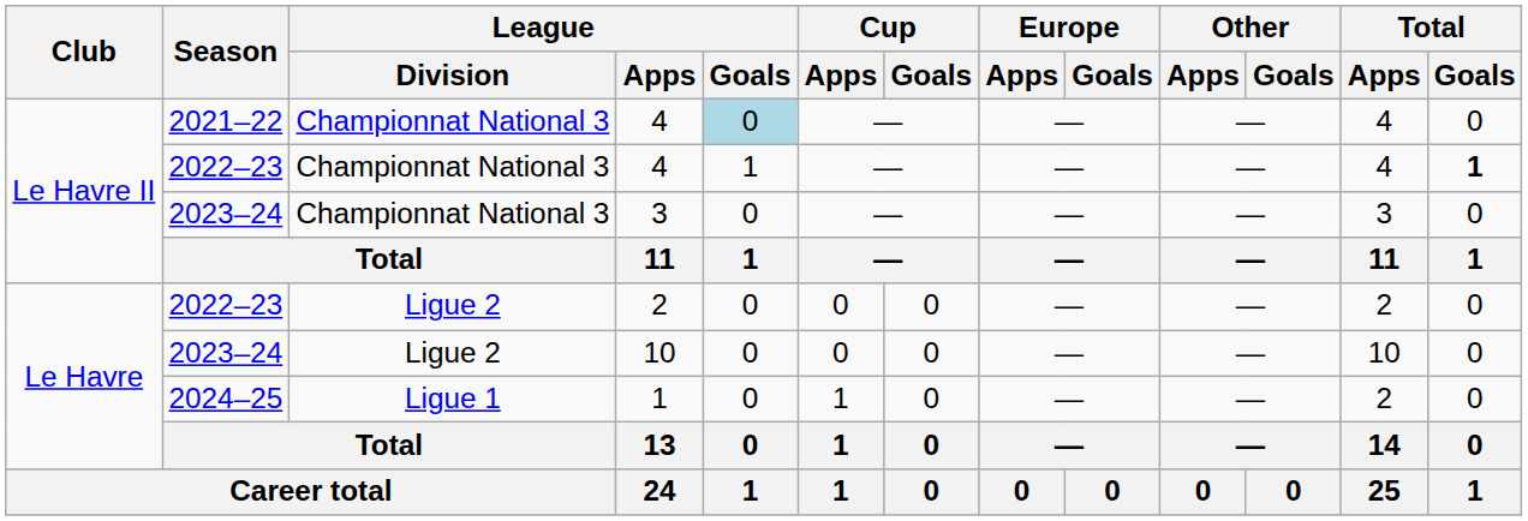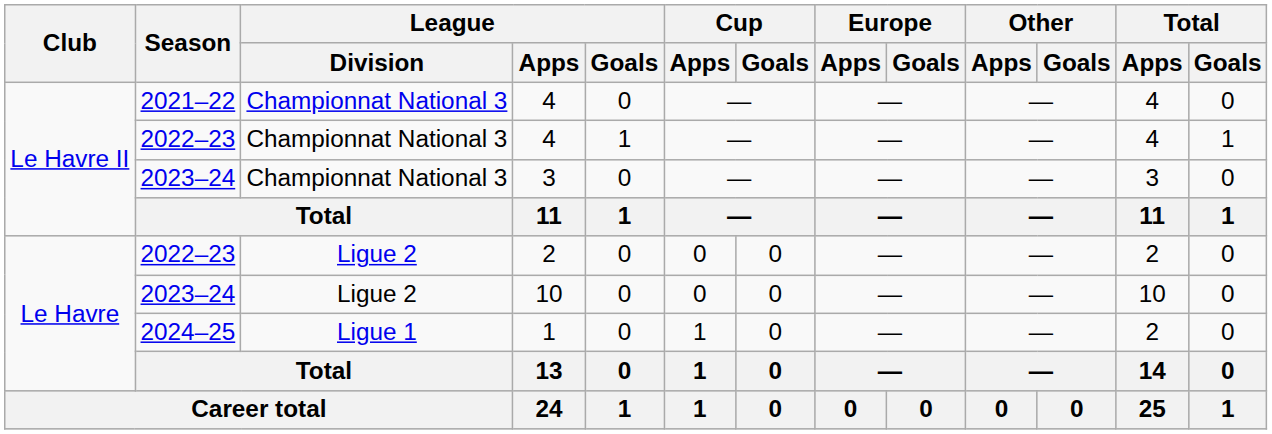 <table class="wikitable" style="text-align: center">
 <tr>
 <th rowspan="2">Club</th>
 <th rowspan="2">Season</th>
 <th colspan="3">League</th>
 <th colspan="2">Cup</th>
 <th colspan="2">Europe</th>
 <th colspan="2">Other</th>
 <th colspan="2">Total</th>
 </tr>
 <tr>
 <th>Division</th>
 <th>Apps</th>
 <th>Goals</th>
 <th>Apps</th>
 <th>Goals</th>
 <th>Apps</th>
 <th>Goals</th>
 <th>Apps</th>
 <th>Goals</th>
 <th>Apps</th>
 <th>Goals</th>
 </tr>
 <tr>
 <td rowspan="4"><a href='#'>Le Havre II</a></td>
 <td><a href='#'>2021–22</a></td>
 <td><a href='#'>Championnat National 3</a></td>
 <td>4</td>
-<td style="background: lightblue;">0</td>
+<td>0</td>
 <td colspan="2">—</td>
 <td colspan="2">—</td>
 <td colspan="2">—</td>
 <td>4</td>
 <td>0</td>
 </tr>
 <tr>
 <td><a href='#'>2022–23</a></td>
 <td>Championnat National 3</td>
 <td>4</td>
 <td>1</td>
 <td colspan="2">—</td>
 <td colspan="2">—</td>
 <td colspan="2">—</td>
 <td>4</td>
-<td><strong>1</strong></td>
+<td>1</td>
 </tr>
 <tr>
 <td><a href='#'>2023–24</a></td>
 <td>Championnat National 3</td>
 <td>3</td>
 <td>0</td>
 <td colspan="2">—</td>
 <td colspan="2">—</td>
 <td colspan="2">—</td>
 <td>3</td>
 <td>0</td>
 </tr>
 <tr>
 <th colspan="2">Total</th>
 <th>11</th>
 <th>1</th>
 <th colspan="2">—</th>
 <th colspan="2">—</th>
 <th colspan="2">—</th>
 <th>11</th>
 <th>1</th>
 </tr>
 <tr>
 <td rowspan="4"><a href='#'>Le Havre</a></td>
 <td><a href='#'>2022–23</a></td>
 <td><a href='#'>Ligue 2</a></td>
 <td>2</td>
 <td>0</td>
 <td>0</td>
 <td>0</td>
 <td colspan="2">—</td>
 <td colspan="2">—</td>
 <td>2</td>
 <td>0</td>
 </tr>
 <tr>
 <td><a href='#'>2023–24</a></td>
 <td>Ligue 2</td>
 <td>10</td>
 <td>0</td>
 <td>0</td>
 <td>0</td>
 <td colspan="2">—</td>
 <td colspan="2">—</td>
 <td>10</td>
 <td>0</td>
 </tr>
 <tr>
 <td><a href='#'>2024–25</a></td>
 <td><a href='#'>Ligue 1</a></td>
 <td>1</td>
 <td>0</td>
 <td>1</td>
 <td>0</td>
 <td colspan="2">—</td>
 <td colspan="2">—</td>
 <td>2</td>
 <td>0</td>
 </tr>
 <tr>
 <th colspan="2">Total</th>
 <th>13</th>
 <th>0</th>
 <th>1</th>
 <th>0</th>
 <th colspan="2">—</th>
 <th colspan="2">—</th>
 <th>14</th>
 <th>0</th>
 </tr>
 <tr>
 <th colspan="3">Career total</th>
 <th>24</th>
 <th>1</th>
 <th>1</th>
 <th>0</th>
 <th>0</th>
 <th>0</th>
 <th>0</th>
 <th>0</th>
 <th>25</th>
 <th>1</th>
 </tr>
 </table>
